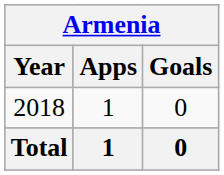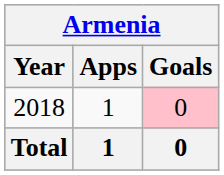 <table class="wikitable" style="text-align:center">
 <tr>
 <th colspan=3><a href='#'>Armenia</a></th>
 </tr>
 <tr>
 <th>Year</th>
 <th>Apps</th>
 <th>Goals</th>
 </tr>
 <tr>
 <td>2018</td>
 <td>1</td>
-<td>0</td>
+<td style="background: pink;">0</td>
 </tr>
 <tr>
 <th>Total</th>
 <th>1</th>
 <th>0</th>
 </tr>
 </table>
